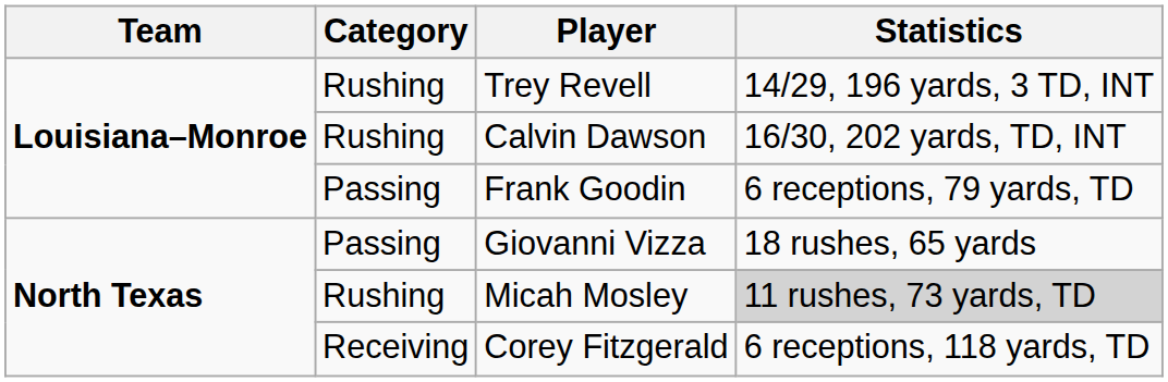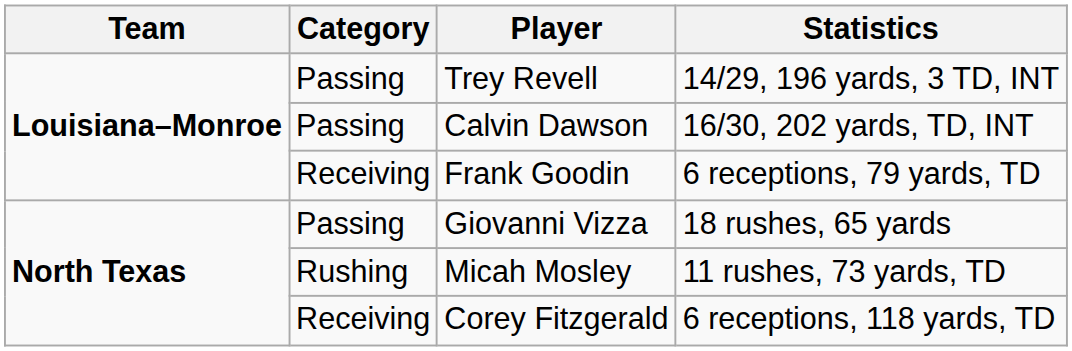 <table class="wikitable" style="float: left;">
 <tr>
 <th>Team</th>
 <th>Category</th>
 <th>Player</th>
 <th>Statistics</th>
 </tr>
 <tr>
 <td rowspan=3><strong>Louisiana–Monroe</strong></td>
-<td>Rushing</td>
+<td>Passing</td>
 <td>Trey Revell</td>
 <td>14/29, 196 yards, 3 TD, INT</td>
 </tr>
 <tr>
-<td>Rushing</td>
+<td>Passing</td>
 <td>Calvin Dawson</td>
 <td>16/30, 202 yards, TD, INT</td>
 </tr>
 <tr>
-<td>Passing</td>
+<td>Receiving</td>
 <td>Frank Goodin</td>
 <td>6 receptions, 79 yards, TD</td>
 </tr>
 <tr>
 <td rowspan=3><strong>North Texas</strong></td>
 <td>Passing</td>
 <td>Giovanni Vizza</td>
 <td>18 rushes, 65 yards</td>
 </tr>
 <tr>
 <td>Rushing</td>
 <td>Micah Mosley</td>
-<td style="background: lightgrey;">11 rushes, 73 yards, TD</td>
+<td>11 rushes, 73 yards, TD</td>
 </tr>
 <tr>
 <td>Receiving</td>
 <td>Corey Fitzgerald</td>
 <td>6 receptions, 118 yards, TD</td>
 </tr>
 </table>
